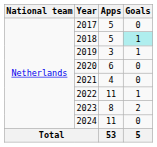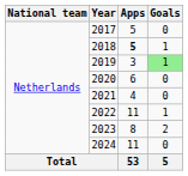 <table class="wikitable" style="text-align: center;">
 <tr>
 <th>National team</th>
 <th>Year</th>
 <th>Apps</th>
 <th>Goals</th>
 </tr>
 <tr>
 <td rowspan="8"><a href='#'>Netherlands</a></td>
 <td>2017</td>
 <td>5</td>
 <td>0</td>
 </tr>
 <tr>
 <td>2018</td>
-<td>5</td>
-<td style="background: paleturquoise;">1</td>
+<td><strong>5</strong></td>
+<td>1</td>
 </tr>
 <tr>
 <td>2019</td>
 <td>3</td>
-<td>1</td>
+<td style="background: lightgreen;">1</td>
 </tr>
 <tr>
 <td>2020</td>
 <td>6</td>
 <td>0</td>
 </tr>
 <tr>
 <td>2021</td>
 <td>4</td>
 <td>0</td>
 </tr>
 <tr>
 <td>2022</td>
 <td>11</td>
 <td>1</td>
 </tr>
 <tr>
 <td>2023</td>
 <td>8</td>
 <td>2</td>
 </tr>
 <tr>
 <td>2024</td>
 <td>11</td>
 <td>0</td>
 </tr>
 <tr>
 <th colspan="2">Total</th>
 <th>53</th>
 <th>5</th>
 </tr>
 </table>
